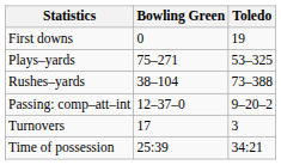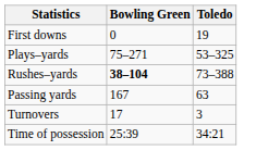 <table class="wikitable" style="float:left">
 <tr>
 <th>Statistics</th>
 <th>Bowling Green</th>
 <th>Toledo</th>
 </tr>
 <tr>
 <td>First downs</td>
 <td>0</td>
 <td>19</td>
 </tr>
 <tr>
 <td>Plays–yards</td>
 <td>75–271</td>
 <td>53–325</td>
 </tr>
 <tr>
 <td>Rushes–yards</td>
-<td>38–104</td>
+<td><strong>38–104</strong></td>
 <td>73–388</td>
 </tr>
 <tr>
-<td>Passing: comp–att–int</td>
-<td>12–37–0</td>
-<td>9–20–2</td>
+<td>Passing yards</td>
+<td>167</td>
+<td>63</td>
 </tr>
 <tr>
 <td>Turnovers</td>
 <td>17</td>
 <td>3</td>
 </tr>
 <tr>
 <td>Time of possession</td>
 <td>25:39</td>
 <td>34:21</td>
 </tr>
 </table>
